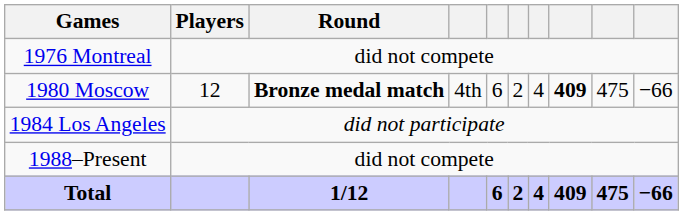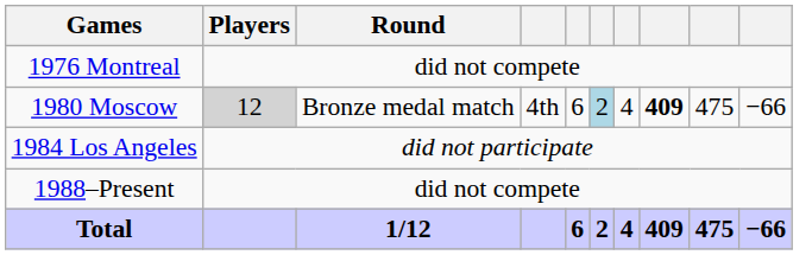 <table class="wikitable sortable collapsible collapsed">
 <tr>
 <th>Games</th>
 <th>Players</th>
 <th>Round</th>
 <th></th>
 <th></th>
 <th></th>
 <th></th>
 <th></th>
 <th></th>
 <th></th>
 </tr>
 <tr align=center>
 <td><a href='#'>1976 Montreal</a></td>
 <td colspan=9>did not compete</td>
 </tr>
 <tr align=center>
 <td><a href='#'>1980 Moscow</a></td>
-<td>12</td>
-<td><strong>Bronze medal match</strong></td>
+<td style="background: lightgrey;">12</td>
+<td>Bronze medal match</td>
 <td>4th</td>
 <td>6</td>
-<td>2</td>
+<td style="background: lightblue;">2</td>
 <td>4</td>
 <td><strong>409</strong></td>
 <td>475</td>
 <td>−66</td>
 </tr>
 <tr align=center>
 <td><a href='#'>1984 Los Angeles</a></td>
 <td colspan=9><em>did not participate</em></td>
 </tr>
 <tr align=center>
 <td><a href='#'>1988</a>–Present</td>
 <td colspan=9>did not compete</td>
 </tr>
 <tr style="text-align:center; background-color:#ccf;">
 <td><strong>Total</strong></td>
 <td></td>
 <td><strong>1/12</strong></td>
 <td></td>
 <td><strong>6</strong></td>
 <td><strong>2</strong></td>
 <td><strong>4</strong></td>
 <td><strong>409</strong></td>
 <td><strong>475</strong></td>
 <td><strong>−66</strong></td>
 </tr>
 </table>
